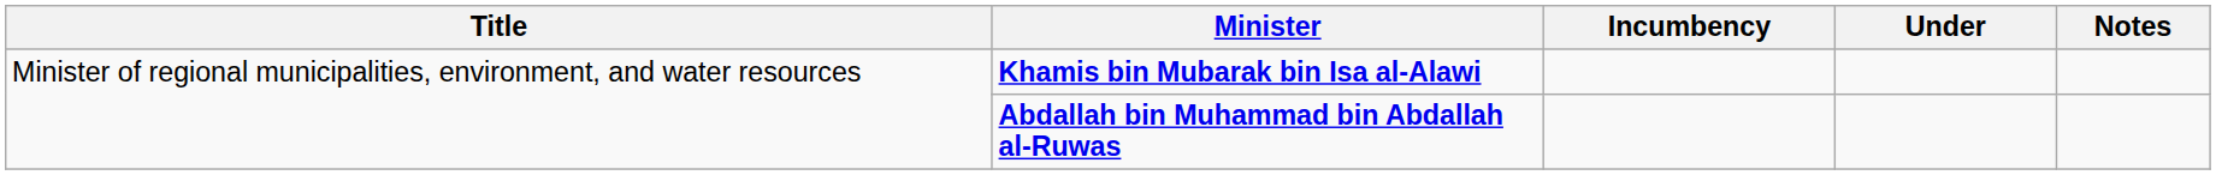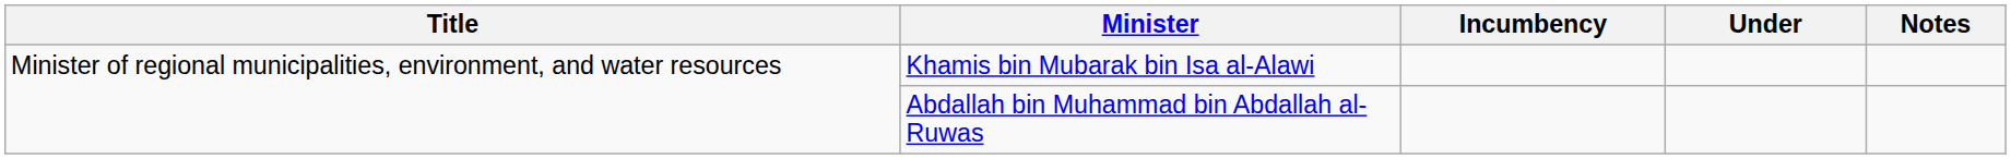 <table class="wikitable" style="width:100%;">
 <tr>
 <th>Title</th>
 <th style="width:25%;"><a href='#'>Minister</a></th>
 <th style="width:160px;">Incumbency</th>
 <th style="width:10%;">Under</th>
 <th style="width:7%;">Notes</th>
 </tr>
 <tr>
 <td rowspan="2" style="vertical-align:top;">Minister of regional municipalities, environment, and water resources</td>
-<td><strong><a href='#'>Khamis bin Mubarak bin Isa al-Alawi</a></strong></td>
+<td><a href='#'>Khamis bin Mubarak bin Isa al-Alawi</a></td>
 <td></td>
 <td></td>
 <td></td>
 </tr>
 <tr>
-<td><strong><a href='#'>Abdallah bin Muhammad bin Abdallah al-Ruwas</a></strong></td>
+<td><a href='#'>Abdallah bin Muhammad bin Abdallah al-Ruwas</a></td>
 <td></td>
 <td></td>
 <td></td>
 </tr>
 </table>
